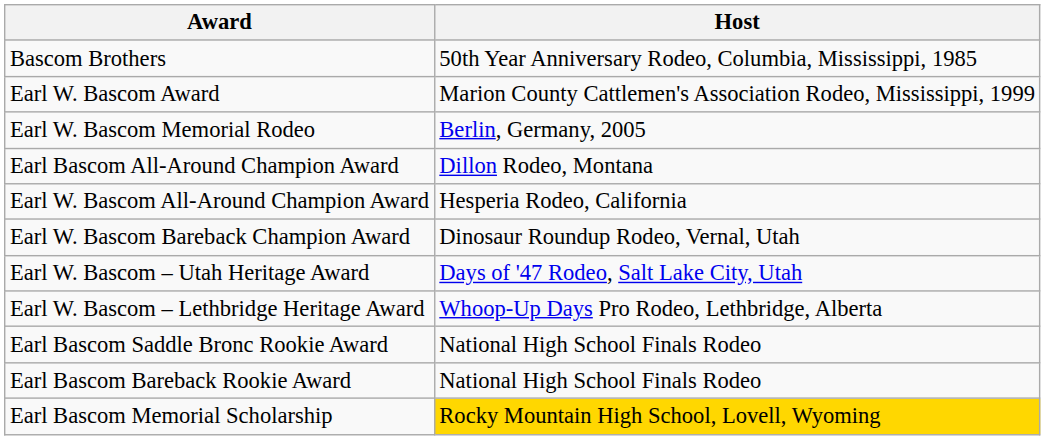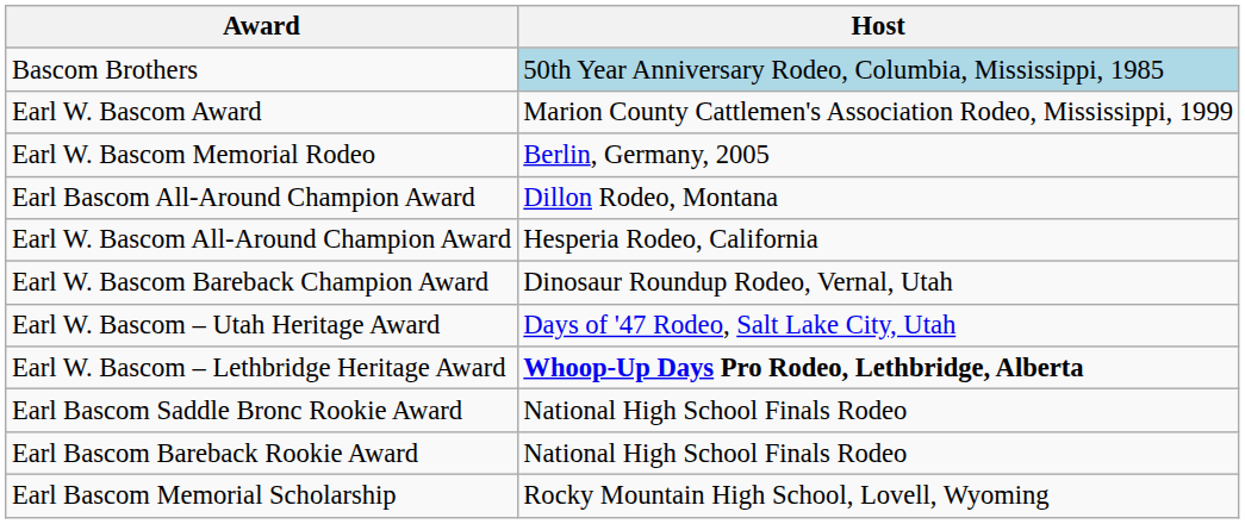 <table class="wikitable">
 <tr>
 <th>Award</th>
 <th>Host</th>
 </tr>
 <tr>
 <td>Bascom Brothers</td>
-<td>50th Year Anniversary Rodeo, Columbia, Mississippi, 1985</td>
+<td style="background: lightblue;">50th Year Anniversary Rodeo, Columbia, Mississippi, 1985</td>
 </tr>
 <tr>
 <td>Earl W. Bascom Award</td>
 <td>Marion County Cattlemen's Association Rodeo, Mississippi, 1999</td>
 </tr>
 <tr>
 <td>Earl W. Bascom Memorial Rodeo</td>
 <td><a href='#'>Berlin</a>, Germany, 2005</td>
 </tr>
 <tr>
 <td>Earl Bascom All-Around Champion Award</td>
 <td><a href='#'>Dillon</a> Rodeo, Montana</td>
 </tr>
 <tr>
 <td>Earl W. Bascom All-Around Champion Award</td>
 <td>Hesperia Rodeo, California</td>
 </tr>
 <tr>
 <td>Earl W. Bascom Bareback Champion Award</td>
 <td>Dinosaur Roundup Rodeo, Vernal, Utah</td>
 </tr>
 <tr>
 <td>Earl W. Bascom – Utah Heritage Award</td>
 <td><a href='#'>Days of '47 Rodeo</a>, <a href='#'>Salt Lake City, Utah</a></td>
 </tr>
 <tr>
 <td>Earl W. Bascom – Lethbridge Heritage Award</td>
-<td><a href='#'>Whoop-Up Days</a> Pro Rodeo, Lethbridge, Alberta</td>
+<td><strong><a href='#'>Whoop-Up Days</a> Pro Rodeo, Lethbridge, Alberta</strong></td>
 </tr>
 <tr>
 <td>Earl Bascom Saddle Bronc Rookie Award</td>
 <td>National High School Finals Rodeo</td>
 </tr>
 <tr>
 <td>Earl Bascom Bareback Rookie Award</td>
 <td>National High School Finals Rodeo</td>
 </tr>
 <tr>
 <td>Earl Bascom Memorial Scholarship</td>
-<td style="background: gold;">Rocky Mountain High School, Lovell, Wyoming</td>
+<td>Rocky Mountain High School, Lovell, Wyoming</td>
 </tr>
 </table>
